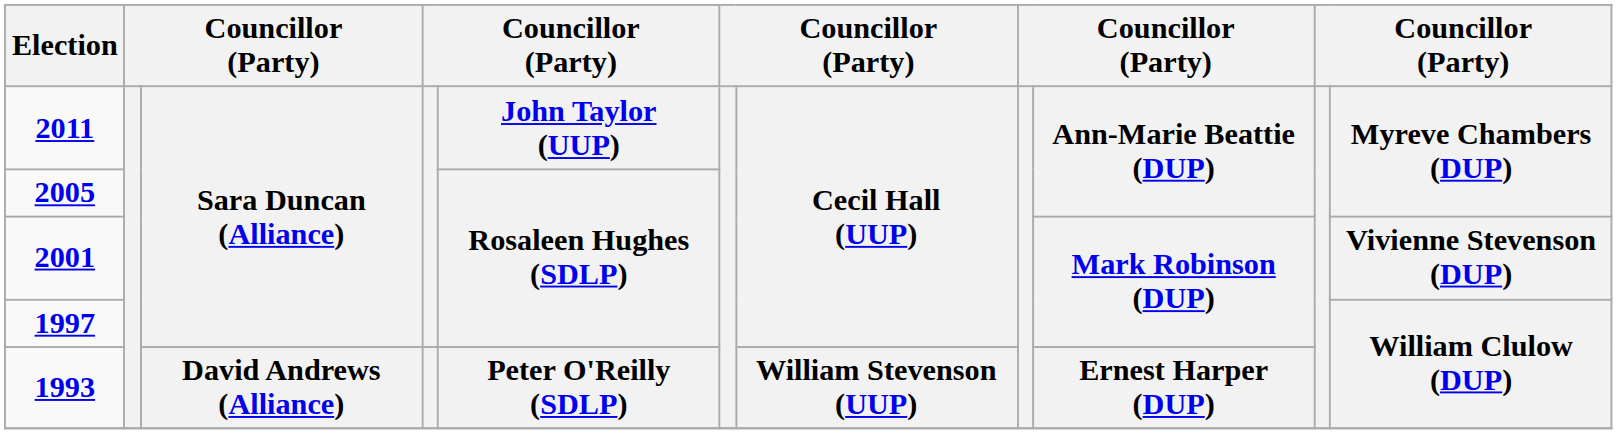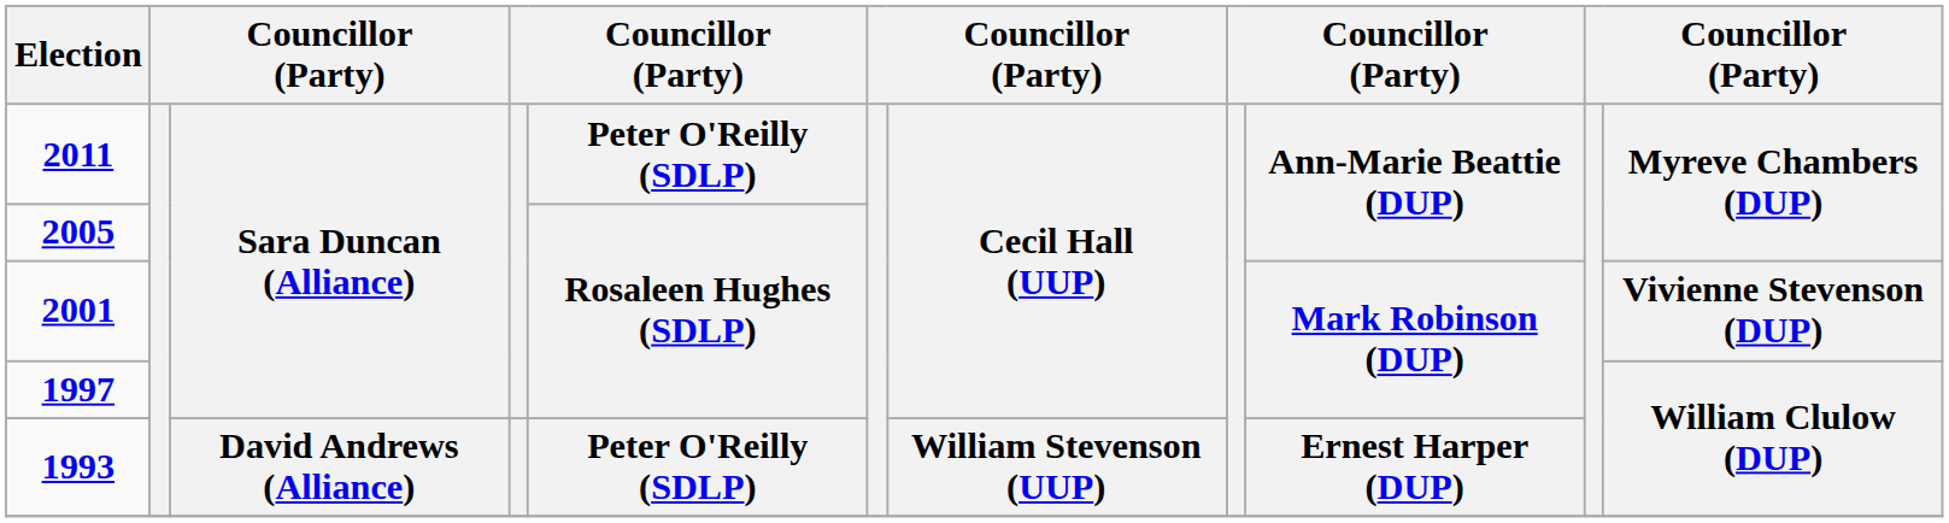 <table class="wikitable" style="text-align:center">
 <tr>
 <th scope="col" width="50">Election</th>
 <th scope="col" width="150" colspan = "2">Councillor<br> (Party)</th>
 <th scope="col" width="150" colspan = "2">Councillor<br> (Party)</th>
 <th scope="col" width="150" colspan = "2">Councillor<br> (Party)</th>
 <th scope="col" width="150" colspan = "2">Councillor<br> (Party)</th>
 <th scope="col" width="150" colspan = "2">Councillor<br> (Party)</th>
 </tr>
 <tr>
 <td><strong><a href='#'>2011</a></strong></td>
 <th rowspan="5" width="1" style="background-color: "></th>
 <th rowspan = "4">Sara Duncan <br> (<a href='#'>Alliance</a>)</th>
 <th rowspan="4" width="1" style="background-color: "></th>
-<th rowspan = "1"><a href='#'>John Taylor</a> <br> (<a href='#'>UUP</a>)</th>
+<th rowspan = "1">Peter O'Reilly <br> (<a href='#'>SDLP</a>)</th>
 <th rowspan="5" width="1" style="background-color: "></th>
 <th rowspan = "4">Cecil Hall <br> (<a href='#'>UUP</a>)</th>
 <th rowspan="5" width="1" style="background-color: "></th>
 <th rowspan = "2">Ann-Marie Beattie <br> (<a href='#'>DUP</a>)</th>
 <th rowspan="5" width="1" style="background-color: "></th>
 <th rowspan = "2">Myreve Chambers <br> (<a href='#'>DUP</a>)</th>
 </tr>
 <tr>
 <td><strong><a href='#'>2005</a></strong></td>
 <th rowspan = "3">Rosaleen Hughes <br> (<a href='#'>SDLP</a>)</th>
 </tr>
 <tr>
 <td><strong><a href='#'>2001</a></strong></td>
 <th rowspan = "2"><a href='#'>Mark Robinson</a> <br> (<a href='#'>DUP</a>)</th>
 <th rowspan = "1">Vivienne Stevenson <br> (<a href='#'>DUP</a>)</th>
 </tr>
 <tr>
 <td><strong><a href='#'>1997</a></strong></td>
 <th rowspan = "2">William Clulow <br> (<a href='#'>DUP</a>)</th>
 </tr>
 <tr>
 <td><strong><a href='#'>1993</a></strong></td>
 <th rowspan = "1">David Andrews <br> (<a href='#'>Alliance</a>)</th>
 <th rowspan="1" width="1" style="background-color: "></th>
 <th rowspan = "1">Peter O'Reilly <br> (<a href='#'>SDLP</a>)</th>
 <th rowspan = "1">William Stevenson <br> (<a href='#'>UUP</a>)</th>
 <th rowspan = "1">Ernest Harper <br> (<a href='#'>DUP</a>)</th>
 </tr>
 <tr>
 </tr>
 </table>
